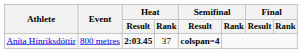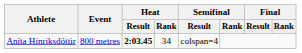 <table class="wikitable" style="font-size:90%">
 <tr>
 <th rowspan="2">Athlete</th>
 <th rowspan="2">Event</th>
 <th colspan="2">Heat</th>
 <th colspan="2">Semifinal</th>
 <th colspan="2">Final</th>
 </tr>
 <tr style="font-size:95%">
 <th>Result</th>
 <th>Rank</th>
 <th>Result</th>
 <th>Rank</th>
 <th>Result</th>
 <th>Rank</th>
 </tr>
 <tr style=text-align:center>
 <td style=text-align:left><a href='#'>Aníta Hinriksdóttir</a></td>
 <td style=text-align:left><a href='#'>800 metres</a></td>
 <td><strong>2:03.45</strong></td>
-<td>37</td>
-<td><strong>colspan=4 </strong></td>
+<td>34</td>
+<td>colspan=4 </td>
 </tr>
 </table>
